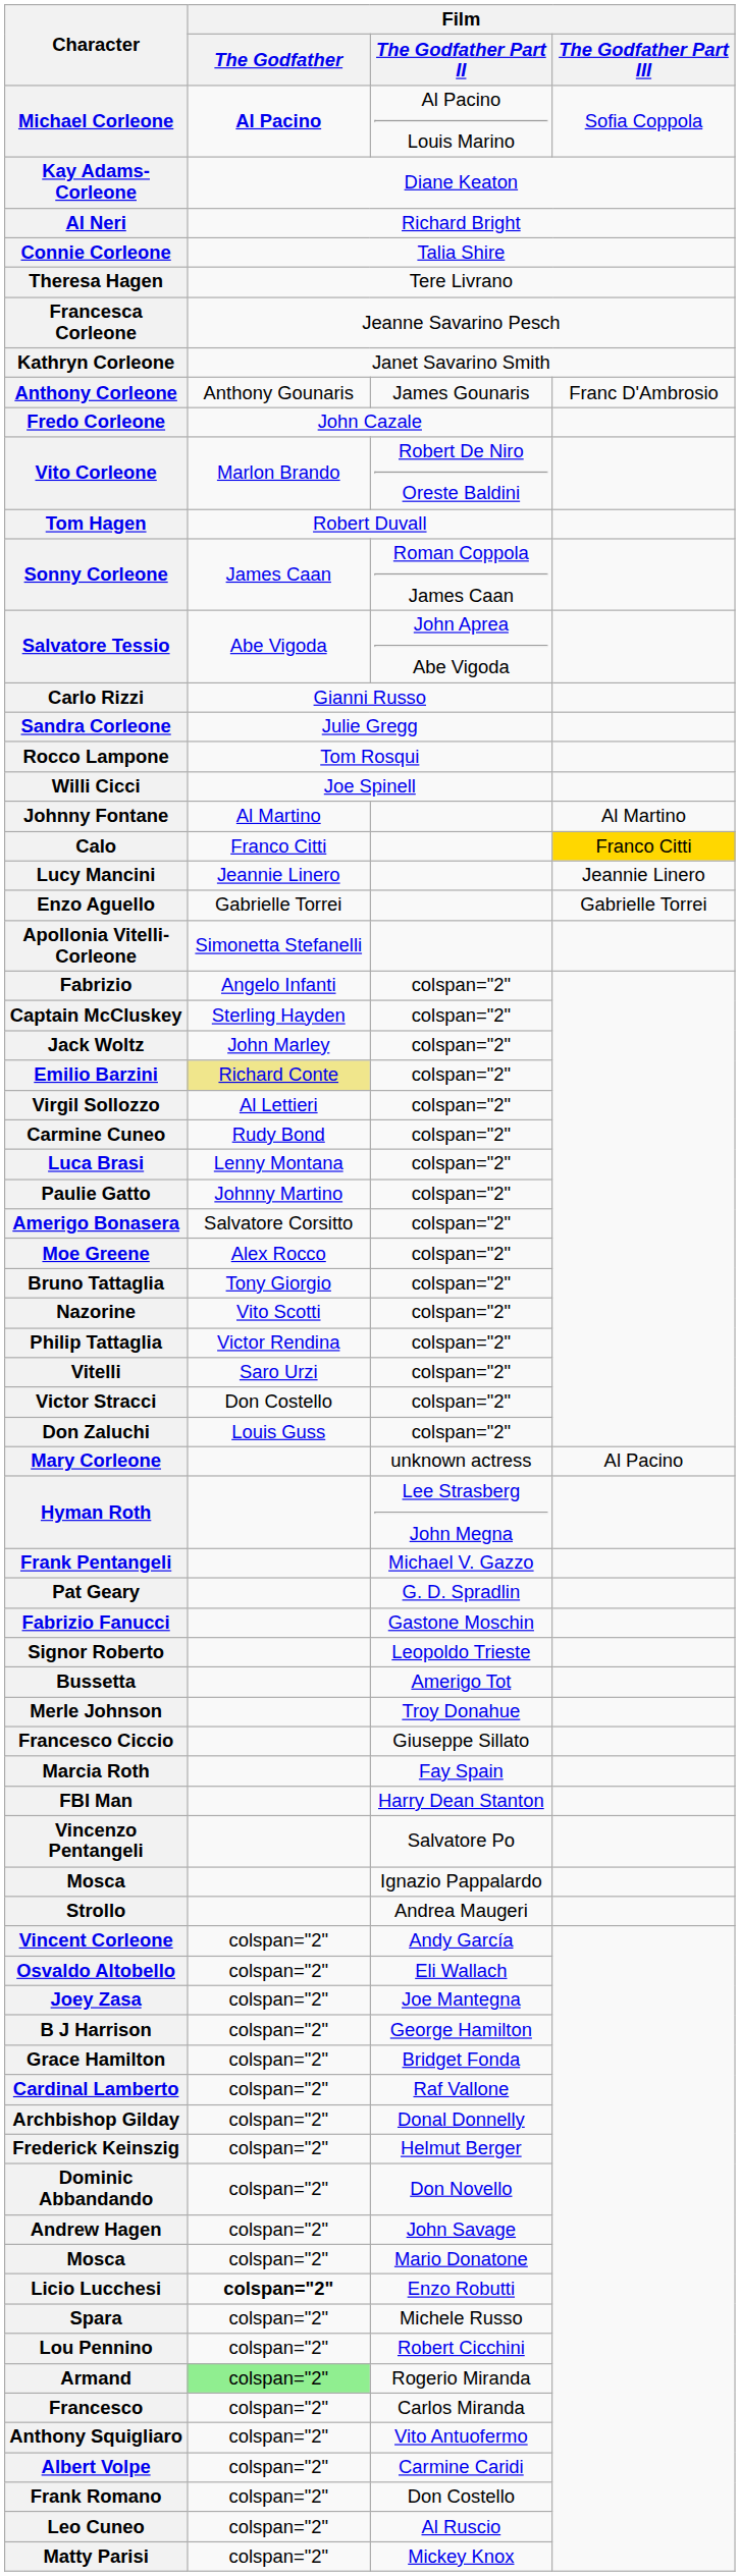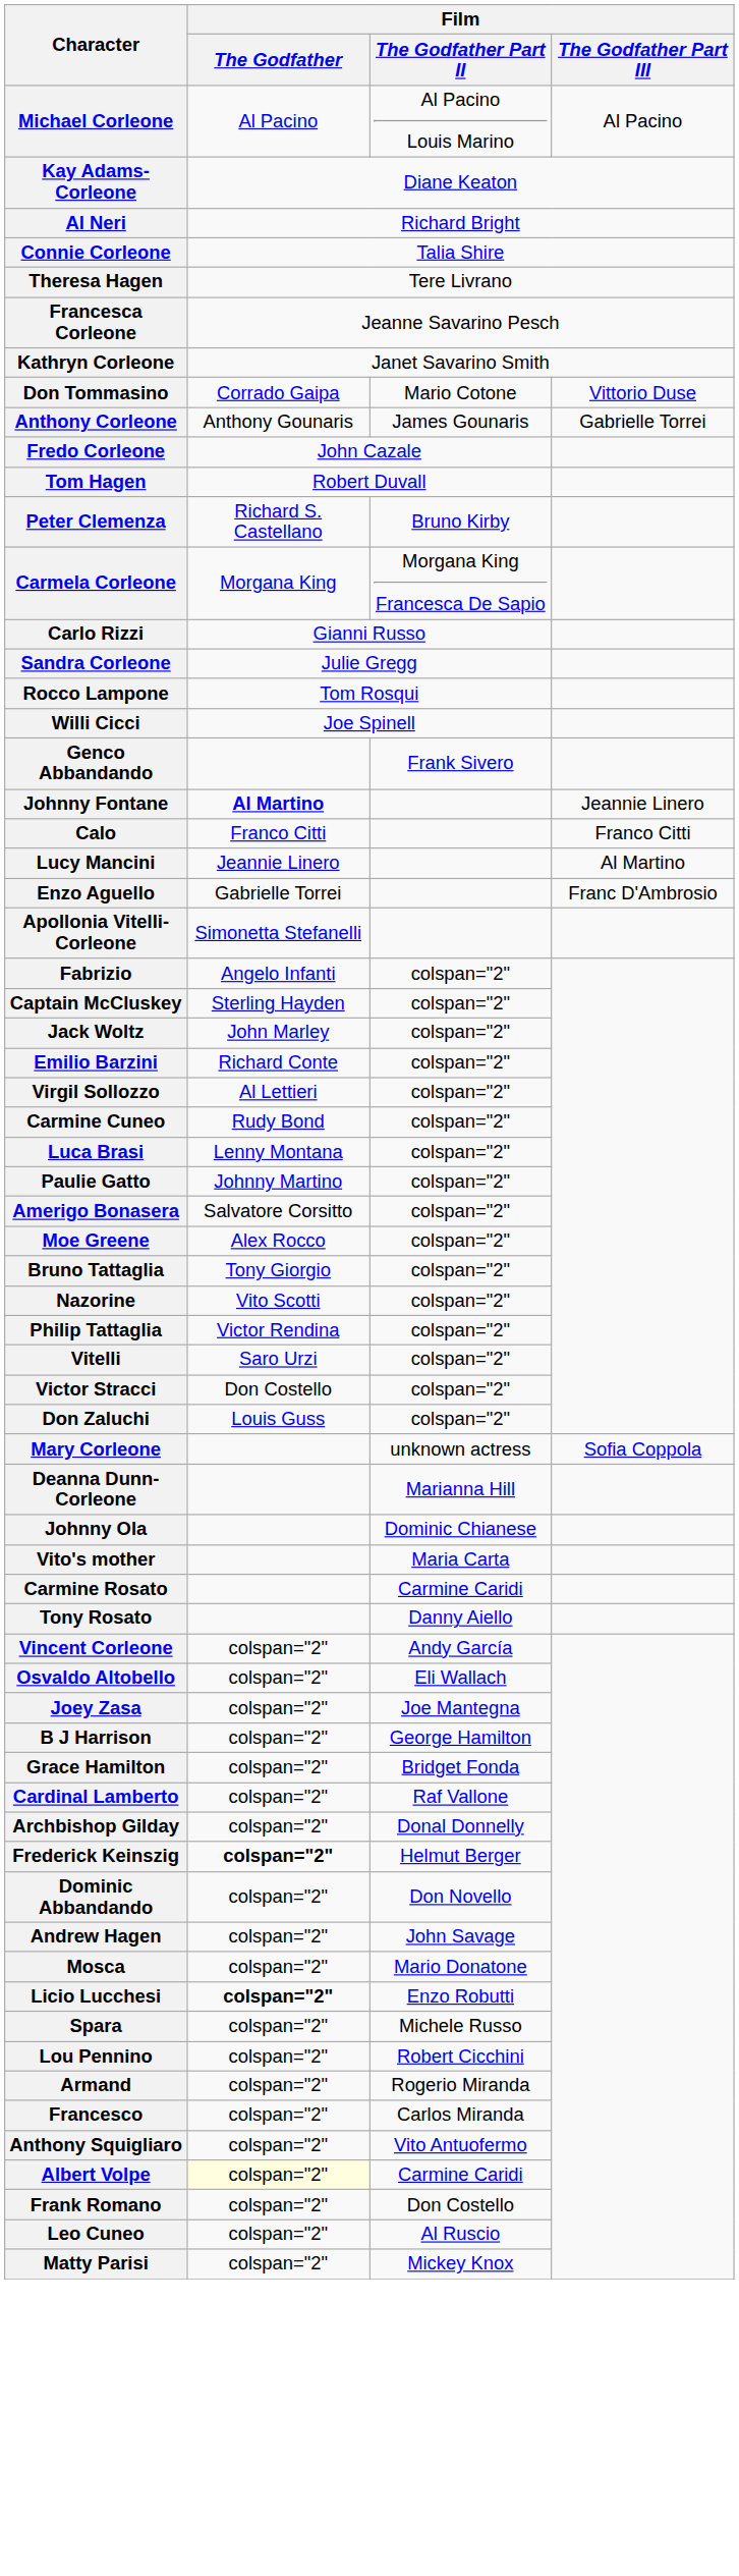 <table class="wikitable collapsible" style="text-align: center; width:100%; clear: both;">
 <tr>
 <th style="width:25%;" rowspan="2">Character</th>
 <th colspan="3">Film</th>
 </tr>
 <tr>
 <th style="width:25%;"><em><a href='#'>The Godfather</a></em></th>
 <th style="width:25%;"><em><a href='#'>The Godfather Part II</a></em></th>
 <th style="width:25%;"><em><a href='#'>The Godfather Part III</a></em></th>
 </tr>
 <tr>
 <th><a href='#'>Michael Corleone</a></th>
-<td colspan="1"><strong><a href='#'>Al Pacino</a></strong></td>
+<td colspan="1"><a href='#'>Al Pacino</a></td>
 <td colspan="1">Al Pacino<hr>Louis Marino</td>
-<td><a href='#'>Sofia Coppola</a></td>
+<td colspan="1">Al Pacino</td>
 </tr>
 <tr>
 <th><a href='#'>Kay Adams-Corleone</a></th>
 <td colspan="3"><a href='#'>Diane Keaton</a></td>
 </tr>
 <tr>
 <th><a href='#'>Al Neri</a></th>
 <td colspan="3"><a href='#'>Richard Bright</a></td>
 </tr>
 <tr>
 <th><a href='#'>Connie Corleone</a></th>
 <td colspan="3"><a href='#'>Talia Shire</a></td>
 </tr>
 <tr>
 <th>Theresa Hagen</th>
 <td colspan="3">Tere Livrano</td>
 </tr>
 <tr>
 <th>Francesca Corleone</th>
 <td colspan="3">Jeanne Savarino Pesch</td>
 </tr>
 <tr>
 <th>Kathryn Corleone</th>
 <td colspan="3">Janet Savarino Smith</td>
 </tr>
 <tr>
+<th>Don Tommasino</th>
+<td><a href='#'>Corrado Gaipa</a></td>
+<td>Mario Cotone</td>
+<td><a href='#'>Vittorio Duse</a></td>
+</tr>
+<tr>
 <th><a href='#'>Anthony Corleone</a></th>
 <td>Anthony Gounaris</td>
 <td>James Gounaris</td>
-<td>Franc D'Ambrosio</td>
+<td>Gabrielle Torrei</td>
 </tr>
 <tr>
 <th><a href='#'>Fredo Corleone</a></th>
 <td colspan="2"><a href='#'>John Cazale</a></td>
-<td></td>
-</tr>
-<tr>
-<th><a href='#'>Vito Corleone</a></th>
-<td><a href='#'>Marlon Brando</a></td>
-<td><a href='#'>Robert De Niro</a><hr><a href='#'>Oreste Baldini</a></td>
 <td></td>
 </tr>
 <tr>
 <th><a href='#'>Tom Hagen</a></th>
 <td colspan="2"><a href='#'>Robert Duvall</a></td>
 <td></td>
 </tr>
 <tr>
-<th><a href='#'>Sonny Corleone</a></th>
-<td colspan="1"><a href='#'>James Caan</a></td>
-<td colspan="1"><a href='#'>Roman Coppola</a><hr>James Caan</td>
+<th><a href='#'>Peter Clemenza</a></th>
+<td><a href='#'>Richard S. Castellano</a></td>
+<td><a href='#'>Bruno Kirby</a></td>
 <td></td>
 </tr>
 <tr>
-<th><a href='#'>Salvatore Tessio</a></th>
-<td><a href='#'>Abe Vigoda</a></td>
-<td><a href='#'>John Aprea</a><hr>Abe Vigoda</td>
+<th><a href='#'>Carmela Corleone</a></th>
+<td><a href='#'>Morgana King</a></td>
+<td>Morgana King<hr><a href='#'>Francesca De Sapio</a></td>
 <td></td>
 </tr>
 <tr>
 <th>Carlo Rizzi</th>
 <td colspan="2"><a href='#'>Gianni Russo</a></td>
 <td></td>
 </tr>
 <tr>
 <th><a href='#'>Sandra Corleone</a></th>
 <td colspan="2"><a href='#'>Julie Gregg</a></td>
 <td></td>
 </tr>
 <tr>
 <th>Rocco Lampone</th>
 <td colspan="2"><a href='#'>Tom Rosqui</a></td>
 <td></td>
 </tr>
 <tr>
 <th>Willi Cicci</th>
 <td colspan="2"><a href='#'>Joe Spinell</a></td>
 <td></td>
 </tr>
 <tr>
+<th>Genco Abbandando</th>
+<td></td>
+<td><a href='#'>Frank Sivero</a></td>
+<td></td>
+</tr>
+<tr>
 <th>Johnny Fontane</th>
-<td><a href='#'>Al Martino</a></td>
+<td><strong><a href='#'>Al Martino</a></strong></td>
 <td></td>
-<td>Al Martino</td>
+<td>Jeannie Linero</td>
 </tr>
 <tr>
 <th>Calo</th>
 <td><a href='#'>Franco Citti</a></td>
 <td></td>
-<td style="background: gold;">Franco Citti</td>
+<td>Franco Citti</td>
 </tr>
 <tr>
 <th>Lucy Mancini</th>
 <td><a href='#'>Jeannie Linero</a></td>
 <td></td>
-<td>Jeannie Linero</td>
+<td>Al Martino</td>
 </tr>
 <tr>
 <th>Enzo Aguello</th>
 <td>Gabrielle Torrei</td>
 <td></td>
-<td>Gabrielle Torrei</td>
+<td>Franc D'Ambrosio</td>
 </tr>
 <tr>
 <th>Apollonia Vitelli-Corleone</th>
 <td><a href='#'>Simonetta Stefanelli</a></td>
 <td></td>
 <td></td>
 </tr>
 <tr>
 <th>Fabrizio</th>
 <td><a href='#'>Angelo Infanti</a></td>
 <td>colspan="2" </td>
 </tr>
 <tr>
 <th>Captain McCluskey</th>
 <td><a href='#'>Sterling Hayden</a></td>
 <td>colspan="2" </td>
 </tr>
 <tr>
 <th>Jack Woltz</th>
 <td><a href='#'>John Marley</a></td>
 <td>colspan="2" </td>
 </tr>
 <tr>
 <th><a href='#'>Emilio Barzini</a></th>
-<td style="background: khaki;"><a href='#'>Richard Conte</a></td>
+<td><a href='#'>Richard Conte</a></td>
 <td>colspan="2" </td>
 </tr>
 <tr>
 <th>Virgil Sollozzo</th>
 <td><a href='#'>Al Lettieri</a></td>
 <td>colspan="2" </td>
 </tr>
 <tr>
 <th>Carmine Cuneo</th>
 <td><a href='#'>Rudy Bond</a></td>
 <td>colspan="2" </td>
 </tr>
 <tr>
 <th><a href='#'>Luca Brasi</a></th>
 <td><a href='#'>Lenny Montana</a></td>
 <td>colspan="2" </td>
 </tr>
 <tr>
 <th>Paulie Gatto</th>
 <td><a href='#'>Johnny Martino</a></td>
 <td>colspan="2" </td>
 </tr>
 <tr>
 <th><a href='#'>Amerigo Bonasera</a></th>
 <td>Salvatore Corsitto</td>
 <td>colspan="2" </td>
 </tr>
 <tr>
 <th><a href='#'>Moe Greene</a></th>
 <td><a href='#'>Alex Rocco</a></td>
 <td>colspan="2" </td>
 </tr>
 <tr>
 <th>Bruno Tattaglia</th>
 <td><a href='#'>Tony Giorgio</a></td>
 <td>colspan="2" </td>
 </tr>
 <tr>
 <th>Nazorine</th>
 <td><a href='#'>Vito Scotti</a></td>
 <td>colspan="2" </td>
 </tr>
 <tr>
 <th>Philip Tattaglia</th>
 <td><a href='#'>Victor Rendina</a></td>
 <td>colspan="2" </td>
 </tr>
 <tr>
 <th>Vitelli</th>
 <td><a href='#'>Saro Urzi</a></td>
 <td>colspan="2" </td>
 </tr>
 <tr>
 <th>Victor Stracci</th>
 <td>Don Costello</td>
 <td>colspan="2" </td>
 </tr>
 <tr>
 <th>Don Zaluchi</th>
 <td><a href='#'>Louis Guss</a></td>
 <td>colspan="2" </td>
 </tr>
 <tr>
 <th><a href='#'>Mary Corleone</a></th>
 <td></td>
 <td>unknown actress</td>
-<td colspan="1">Al Pacino</td>
+<td><a href='#'>Sofia Coppola</a></td>
 </tr>
 <tr>
-<th><a href='#'>Hyman Roth</a></th>
+<th>Deanna Dunn-Corleone</th>
 <td></td>
-<td><a href='#'>Lee Strasberg</a><hr><a href='#'>John Megna</a></td>
+<td><a href='#'>Marianna Hill</a></td>
 <td></td>
 </tr>
 <tr>
-<th><a href='#'>Frank Pentangeli</a></th>
+<th>Johnny Ola</th>
 <td></td>
-<td><a href='#'>Michael V. Gazzo</a></td>
+<td><a href='#'>Dominic Chianese</a></td>
 <td></td>
 </tr>
 <tr>
-<th>Pat Geary</th>
+<th>Vito's mother</th>
 <td></td>
-<td><a href='#'>G. D. Spradlin</a></td>
+<td><a href='#'>Maria Carta</a></td>
 <td></td>
 </tr>
 <tr>
-<th><a href='#'>Fabrizio Fanucci</a></th>
+<th>Carmine Rosato</th>
 <td></td>
-<td><a href='#'>Gastone Moschin</a></td>
+<td><a href='#'>Carmine Caridi</a></td>
 <td></td>
 </tr>
 <tr>
-<th>Signor Roberto</th>
+<th>Tony Rosato</th>
 <td></td>
-<td><a href='#'>Leopoldo Trieste</a></td>
-<td></td>
-</tr>
-<tr>
-<th>Bussetta</th>
-<td></td>
-<td><a href='#'>Amerigo Tot</a></td>
-<td></td>
-</tr>
-<tr>
-<th>Merle Johnson</th>
-<td></td>
-<td colspan="1"><a href='#'>Troy Donahue</a></td>
-<td></td>
-</tr>
-<tr>
-<th>Francesco Ciccio</th>
-<td></td>
-<td>Giuseppe Sillato</td>
-<td></td>
-</tr>
-<tr>
-<th>Marcia Roth</th>
-<td></td>
-<td><a href='#'>Fay Spain</a></td>
-<td></td>
-</tr>
-<tr>
-<th>FBI Man</th>
-<td></td>
-<td><a href='#'>Harry Dean Stanton</a></td>
-<td></td>
-</tr>
-<tr>
-<th>Vincenzo Pentangeli</th>
-<td></td>
-<td>Salvatore Po</td>
-<td></td>
-</tr>
-<tr>
-<th>Mosca</th>
-<td></td>
-<td>Ignazio Pappalardo</td>
-<td></td>
-</tr>
-<tr>
-<th>Strollo</th>
-<td></td>
-<td>Andrea Maugeri</td>
+<td><a href='#'>Danny Aiello</a></td>
 <td></td>
 </tr>
 <tr>
 <th><a href='#'>Vincent Corleone</a></th>
 <td>colspan="2" </td>
 <td><a href='#'>Andy García</a></td>
 </tr>
 <tr>
 <th><a href='#'>Osvaldo Altobello</a></th>
 <td>colspan="2" </td>
 <td><a href='#'>Eli Wallach</a></td>
 </tr>
 <tr>
 <th><a href='#'>Joey Zasa</a></th>
 <td>colspan="2" </td>
 <td><a href='#'>Joe Mantegna</a></td>
 </tr>
 <tr>
 <th>B J Harrison</th>
 <td>colspan="2" </td>
 <td><a href='#'>George Hamilton</a></td>
 </tr>
 <tr>
 <th>Grace Hamilton</th>
 <td>colspan="2" </td>
 <td><a href='#'>Bridget Fonda</a></td>
 </tr>
 <tr>
 <th><a href='#'>Cardinal Lamberto</a></th>
 <td>colspan="2" </td>
 <td><a href='#'>Raf Vallone</a></td>
 </tr>
 <tr>
 <th>Archbishop Gilday</th>
 <td>colspan="2" </td>
 <td><a href='#'>Donal Donnelly</a></td>
 </tr>
 <tr>
 <th>Frederick Keinszig</th>
-<td>colspan="2" </td>
+<td><strong>colspan="2" </strong></td>
 <td><a href='#'>Helmut Berger</a></td>
 </tr>
 <tr>
 <th>Dominic Abbandando</th>
 <td>colspan="2" </td>
 <td><a href='#'>Don Novello</a></td>
 </tr>
 <tr>
 <th>Andrew Hagen</th>
 <td>colspan="2" </td>
 <td><a href='#'>John Savage</a></td>
 </tr>
 <tr>
 <th>Mosca</th>
 <td>colspan="2" </td>
 <td><a href='#'>Mario Donatone</a></td>
 </tr>
 <tr>
 <th>Licio Lucchesi</th>
 <td><strong>colspan="2" </strong></td>
 <td><a href='#'>Enzo Robutti</a></td>
 </tr>
 <tr>
 <th>Spara</th>
 <td>colspan="2" </td>
 <td>Michele Russo</td>
 </tr>
 <tr>
 <th>Lou Pennino</th>
 <td>colspan="2" </td>
 <td><a href='#'>Robert Cicchini</a></td>
 </tr>
 <tr>
 <th>Armand</th>
-<td style="background: lightgreen;">colspan="2" </td>
+<td>colspan="2" </td>
 <td>Rogerio Miranda</td>
 </tr>
 <tr>
 <th>Francesco</th>
 <td>colspan="2" </td>
 <td>Carlos Miranda</td>
 </tr>
 <tr>
 <th>Anthony Squigliaro</th>
 <td>colspan="2" </td>
 <td><a href='#'>Vito Antuofermo</a></td>
 </tr>
 <tr>
 <th><a href='#'>Albert Volpe</a></th>
-<td>colspan="2" </td>
+<td style="background: lightyellow;">colspan="2" </td>
 <td><a href='#'>Carmine Caridi</a></td>
 </tr>
 <tr>
 <th>Frank Romano</th>
 <td>colspan="2" </td>
 <td>Don Costello</td>
 </tr>
 <tr>
 <th>Leo Cuneo</th>
 <td>colspan="2" </td>
 <td><a href='#'>Al Ruscio</a></td>
 </tr>
 <tr>
 <th>Matty Parisi</th>
 <td>colspan="2" </td>
 <td><a href='#'>Mickey Knox</a></td>
 </tr>
 </table>
